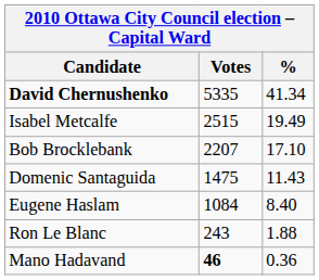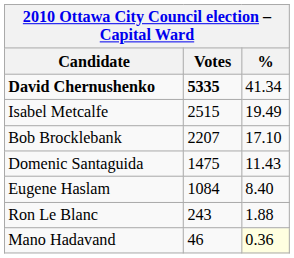 <table class="wikitable">
 <tr>
 <th colspan="3"><a href='#'>2010 Ottawa City Council election</a> – <a href='#'>Capital Ward</a></th>
 </tr>
 <tr>
 <th style="width: 170px">Candidate</th>
 <th style="width: 50px">Votes</th>
 <th style="width: 40px">%</th>
 </tr>
 <tr>
 <td><strong>David Chernushenko</strong></td>
-<td>5335</td>
+<td><strong>5335</strong></td>
 <td>41.34</td>
 </tr>
 <tr>
 <td>Isabel Metcalfe</td>
 <td>2515</td>
 <td>19.49</td>
 </tr>
 <tr>
 <td>Bob Brocklebank</td>
 <td>2207</td>
 <td>17.10</td>
 </tr>
 <tr>
 <td>Domenic Santaguida</td>
 <td>1475</td>
 <td>11.43</td>
 </tr>
 <tr>
 <td>Eugene Haslam</td>
 <td>1084</td>
 <td>8.40</td>
 </tr>
 <tr>
 <td>Ron Le Blanc</td>
 <td>243</td>
 <td>1.88</td>
 </tr>
 <tr>
 <td>Mano Hadavand</td>
-<td><strong>46</strong></td>
-<td>0.36</td>
+<td>46</td>
+<td style="background: lightyellow;">0.36</td>
 </tr>
 </table>
